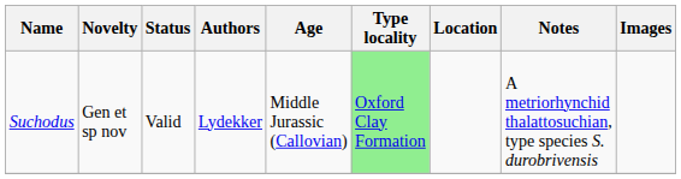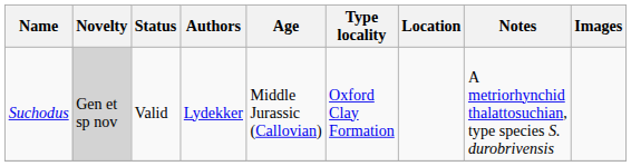 <table class="wikitable sortable" align="center" width="100%">
 <tr>
 <th>Name</th>
 <th>Novelty</th>
 <th>Status</th>
 <th>Authors</th>
 <th>Age</th>
 <th>Type locality</th>
 <th>Location</th>
 <th>Notes</th>
 <th>Images</th>
 </tr>
 <tr>
 <td><br><em><a href='#'>Suchodus</a></em></td>
-<td><br>Gen et sp nov</td>
+<td style="background: lightgrey;"><br>Gen et sp nov</td>
 <td><br>Valid</td>
 <td><br><a href='#'>Lydekker</a></td>
 <td><br>Middle Jurassic (<a href='#'>Callovian</a>)</td>
-<td style="background: lightgreen;"><br><a href='#'>Oxford Clay Formation</a></td>
+<td><br><a href='#'>Oxford Clay Formation</a></td>
 <td><br></td>
 <td><br>A <a href='#'>metriorhynchid</a> <a href='#'>thalattosuchian</a>,<br>type species <em>S. durobrivensis</em></td>
 <td><br></td>
 </tr>
 <tr>
 </tr>
 </table>
